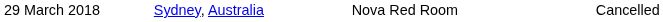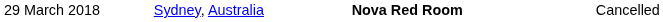 <table cellpadding="2" style="border:0 solid darkgrey; font-size:90%">
 <tr>
 <th style="width:150px;"></th>
 <th style="width:200px;"></th>
 <th style="width:250px;"></th>
 <th style="width:700px;"></th>
 </tr>
 <tr border="0">
 </tr>
 <tr>
 <td>29 March 2018</td>
 <td><a href='#'>Sydney</a>, <a href='#'>Australia</a></td>
-<td>Nova Red Room</td>
+<td><strong>Nova Red Room</strong></td>
 <td>Cancelled</td>
 </tr>
 <tr>
 </tr>
 </table>
